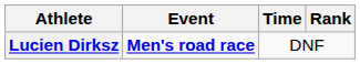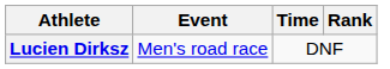 <table class=wikitable style="font-size:90%">
 <tr>
 <th scope="col">Athlete</th>
 <th scope="col">Event</th>
 <th scope="col">Time</th>
 <th scope="col">Rank</th>
 </tr>
 <tr align=center>
 <th scope="row" align=left><a href='#'>Lucien Dirksz</a></th>
-<td align=left rowspan=1><strong><a href='#'>Men's road race</a></strong></td>
+<td align=left rowspan=1><a href='#'>Men's road race</a></td>
 <td colspan=2>DNF</td>
 </tr>
 </table>
